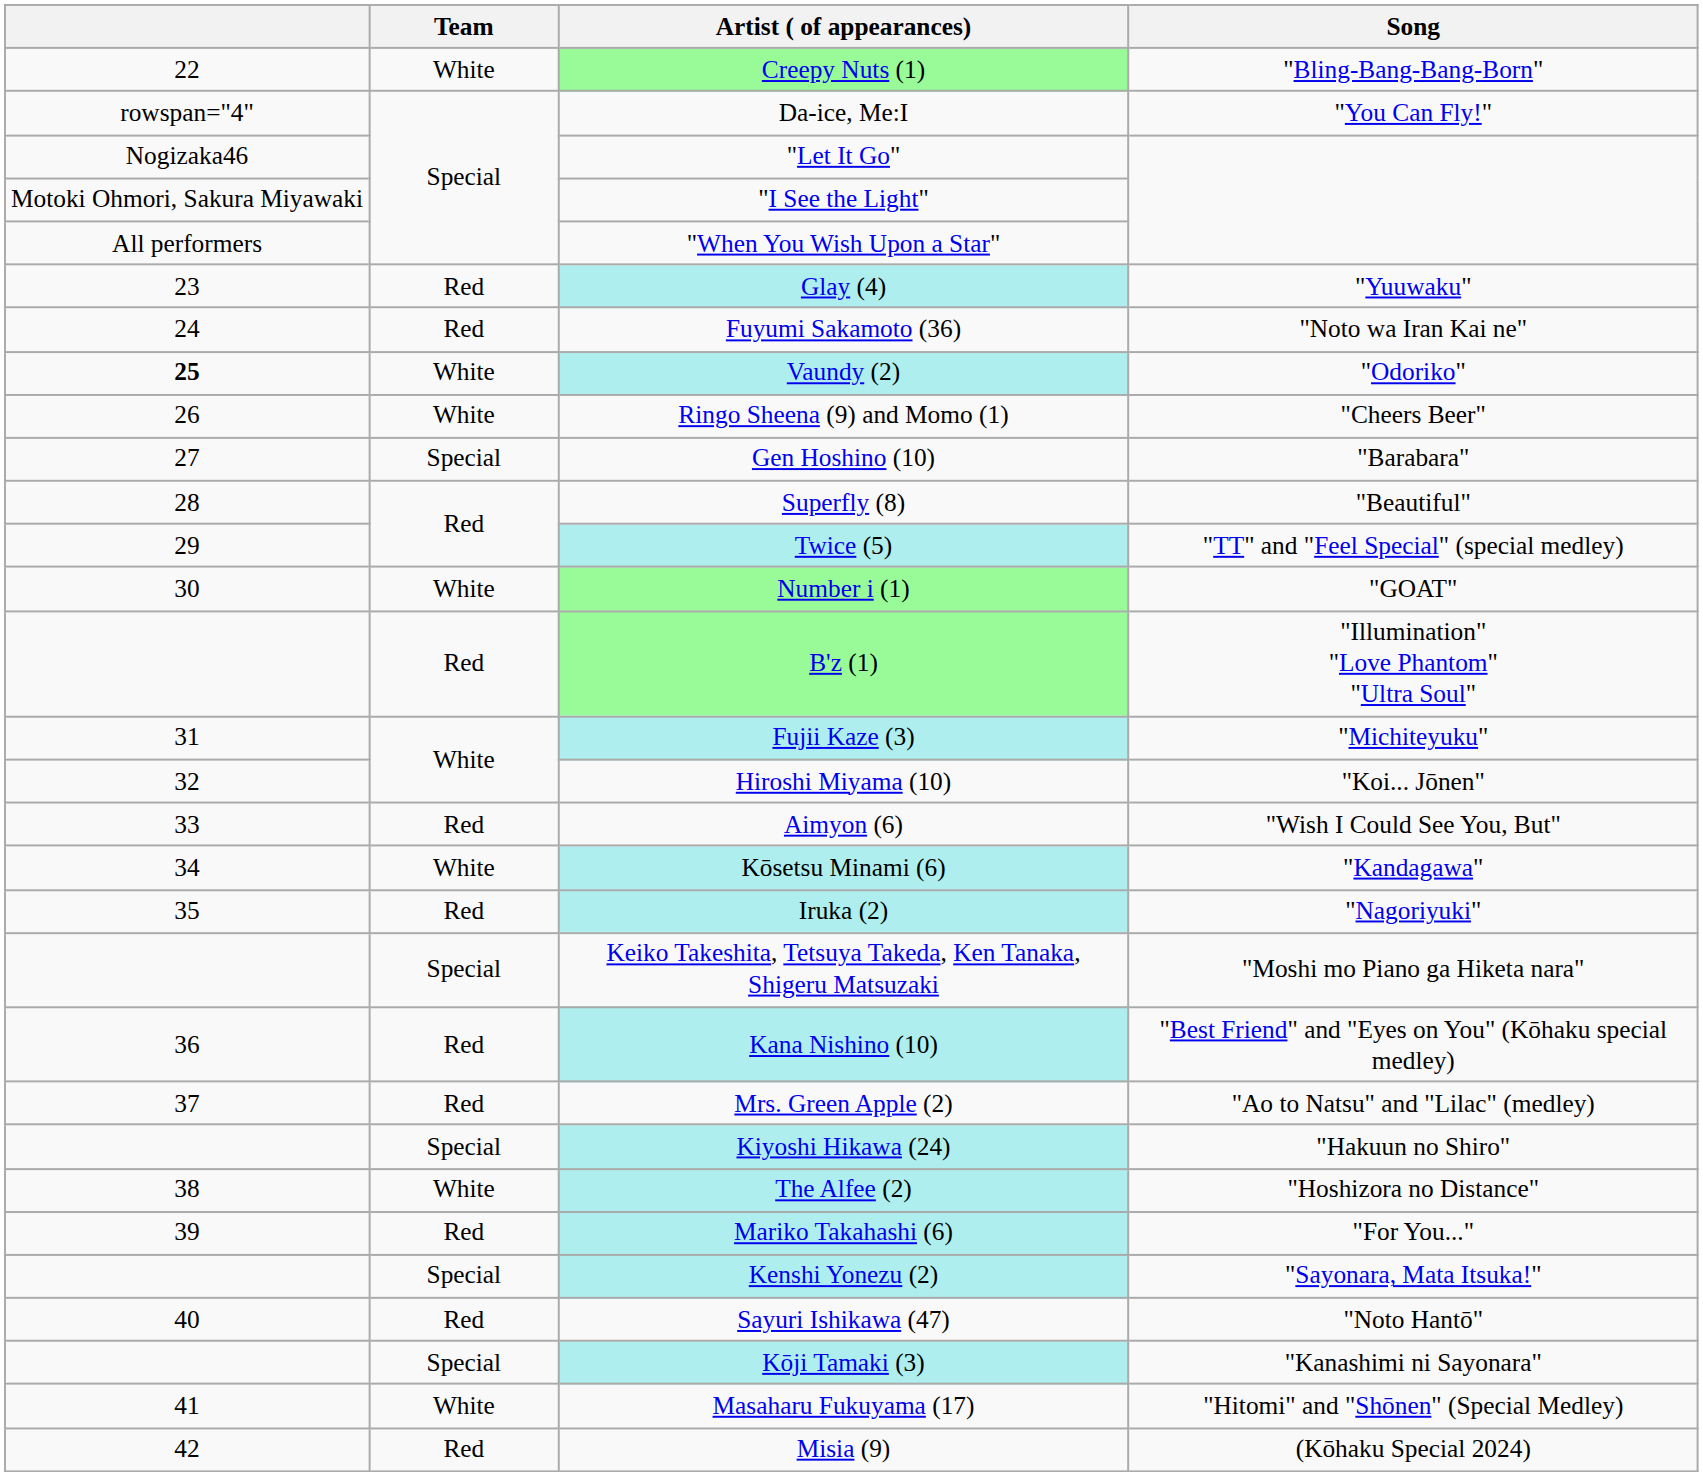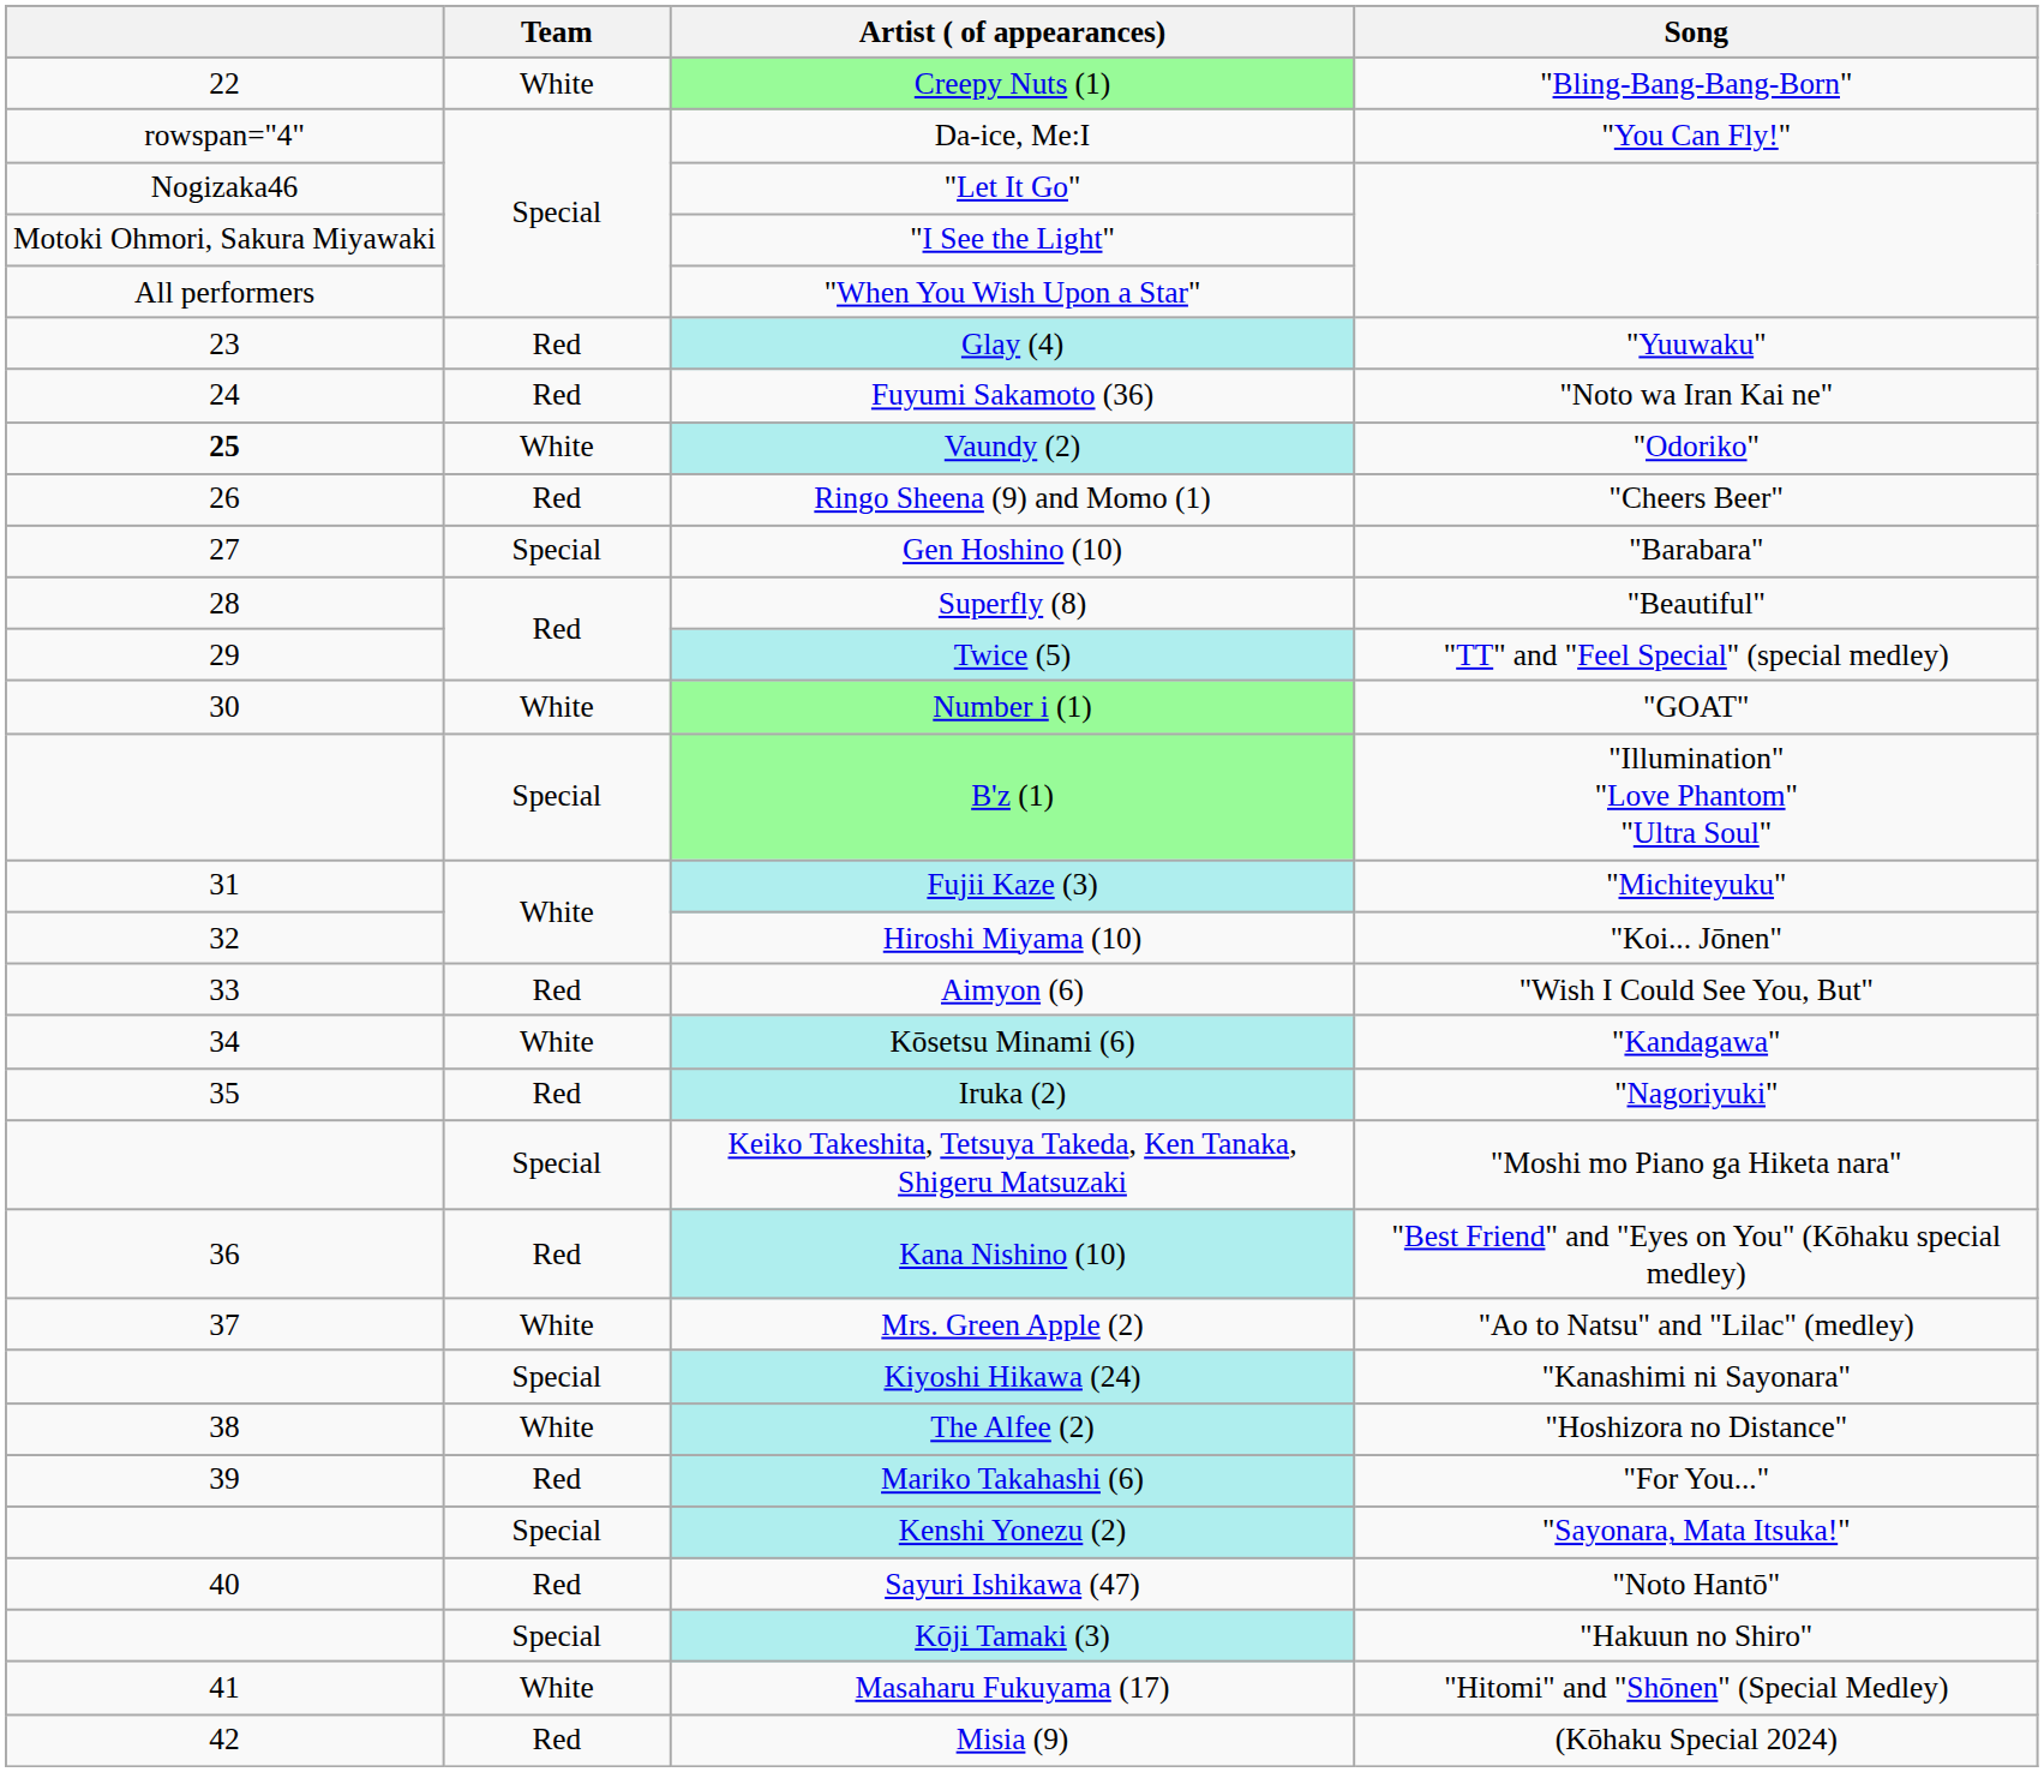 <table class="wikitable sortable" style="font-size:small; text-align:center; width:75">
 <tr>
 <th></th>
 <th style="width:7em">Team</th>
 <th style="width:22em">Artist ( of appearances)</th>
 <th style="width:22em">Song</th>
 </tr>
 <tr>
 <td>22</td>
 <td>White</td>
 <td style="background:palegreen"><a href='#'>Creepy Nuts</a> (1) </td>
 <td>"<a href='#'>Bling-Bang-Bang-Born</a>"</td>
 </tr>
 <tr>
 <td>rowspan="4" </td>
 <td rowspan="4">Special</td>
 <td>Da-ice, Me:I</td>
 <td>"<a href='#'>You Can Fly!</a>"</td>
 </tr>
 <tr>
 <td>Nogizaka46</td>
 <td>"<a href='#'>Let It Go</a>"</td>
 </tr>
 <tr>
 <td>Motoki Ohmori, Sakura Miyawaki</td>
 <td>"<a href='#'>I See the Light</a>"</td>
 </tr>
 <tr>
 <td>All performers</td>
 <td>"<a href='#'>When You Wish Upon a Star</a>"</td>
 </tr>
 <tr>
 <td>23</td>
 <td>Red</td>
 <td style="background:paleturquoise"><a href='#'>Glay</a> (4) </td>
 <td>"<a href='#'>Yuuwaku</a>"</td>
 </tr>
 <tr>
 <td>24</td>
 <td>Red</td>
 <td><a href='#'>Fuyumi Sakamoto</a> (36)</td>
 <td>"Noto wa Iran Kai ne"</td>
 </tr>
 <tr>
 <td><strong>25</strong></td>
 <td>White</td>
 <td style="background:paleturquoise"><a href='#'>Vaundy</a> (2) </td>
 <td>"<a href='#'>Odoriko</a>"</td>
 </tr>
 <tr>
 <td>26</td>
-<td>White</td>
+<td>Red</td>
 <td><a href='#'>Ringo Sheena</a> (9) and <span>Momo (1) </span></td>
 <td>"Cheers Beer"</td>
 </tr>
 <tr>
 <td>27</td>
 <td>Special</td>
 <td><a href='#'>Gen Hoshino</a> (10)</td>
 <td>"Barabara"</td>
 </tr>
 <tr>
 <td>28</td>
 <td rowspan="2">Red</td>
 <td><a href='#'>Superfly</a> (8)</td>
 <td>"Beautiful"</td>
 </tr>
 <tr>
 <td>29</td>
 <td style="background:paleturquoise"><a href='#'>Twice</a> (5) </td>
 <td>"<a href='#'>TT</a>" and "<a href='#'>Feel Special</a>" (special medley)</td>
 </tr>
 <tr>
 <td>30</td>
 <td>White</td>
 <td style="background:palegreen"><a href='#'>Number i</a> (1) </td>
 <td>"GOAT"</td>
 </tr>
 <tr>
 <td></td>
-<td>Red</td>
+<td>Special</td>
 <td style="background:palegreen"><a href='#'>B'z</a> (1) </td>
 <td>"Illumination"<br>"<a href='#'>Love Phantom</a>"<br>"<a href='#'>Ultra Soul</a>"</td>
 </tr>
 <tr>
 <td>31</td>
 <td rowspan="2">White</td>
 <td style="background:paleturquoise"><a href='#'>Fujii Kaze</a> (3) </td>
 <td>"<a href='#'>Michiteyuku</a>"</td>
 </tr>
 <tr>
 <td>32</td>
 <td><a href='#'>Hiroshi Miyama</a> (10)</td>
 <td>"Koi... Jōnen"</td>
 </tr>
 <tr>
 <td>33</td>
 <td>Red</td>
 <td><a href='#'>Aimyon</a> (6)</td>
 <td>"Wish I Could See You, But"</td>
 </tr>
 <tr>
 <td>34</td>
 <td>White</td>
 <td style="background:paleturquoise">Kōsetsu Minami (6) </td>
 <td>"<a href='#'>Kandagawa</a>"</td>
 </tr>
 <tr>
 <td>35</td>
 <td>Red</td>
 <td style="background:paleturquoise">Iruka (2) </td>
 <td>"<a href='#'>Nagoriyuki</a>"</td>
 </tr>
 <tr>
 <td></td>
 <td>Special</td>
 <td><a href='#'>Keiko Takeshita</a>, <a href='#'>Tetsuya Takeda</a>, <a href='#'>Ken Tanaka</a>, <a href='#'>Shigeru Matsuzaki</a></td>
 <td>"Moshi mo Piano ga Hiketa nara"</td>
 </tr>
 <tr>
 <td>36</td>
 <td>Red</td>
 <td style="background:paleturquoise"><a href='#'>Kana Nishino</a> (10) </td>
 <td>"<a href='#'>Best Friend</a>" and "Eyes on You" (Kōhaku special medley)</td>
 </tr>
 <tr>
 <td>37</td>
-<td>Red</td>
+<td>White</td>
 <td><a href='#'>Mrs. Green Apple</a> (2)</td>
 <td>"Ao to Natsu" and "Lilac" (medley)</td>
 </tr>
 <tr>
 <td></td>
 <td>Special</td>
 <td style="background:paleturquoise"><a href='#'>Kiyoshi Hikawa</a> (24) </td>
-<td>"Hakuun no Shiro"</td>
+<td>"Kanashimi ni Sayonara"</td>
 </tr>
 <tr>
 <td>38</td>
 <td>White</td>
 <td style="background:paleturquoise"><a href='#'>The Alfee</a> (2) </td>
 <td>"Hoshizora no Distance"</td>
 </tr>
 <tr>
 <td>39</td>
 <td>Red</td>
 <td style="background:paleturquoise"><a href='#'>Mariko Takahashi</a> (6) </td>
 <td>"For You..."</td>
 </tr>
 <tr>
 <td></td>
 <td>Special</td>
 <td style="background:paleturquoise"><a href='#'>Kenshi Yonezu</a> (2) </td>
 <td>"<a href='#'>Sayonara, Mata Itsuka!</a>"</td>
 </tr>
 <tr>
 <td>40</td>
 <td>Red</td>
 <td><a href='#'>Sayuri Ishikawa</a> (47)</td>
 <td>"Noto Hantō"</td>
 </tr>
 <tr>
 <td></td>
 <td>Special</td>
 <td style="background:paleturquoise"><a href='#'>Kōji Tamaki</a> (3) </td>
-<td>"Kanashimi ni Sayonara"</td>
+<td>"Hakuun no Shiro"</td>
 </tr>
 <tr>
 <td>41</td>
 <td>White</td>
 <td><a href='#'>Masaharu Fukuyama</a> (17)</td>
 <td>"Hitomi" and "<a href='#'>Shōnen</a>" (Special Medley)</td>
 </tr>
 <tr>
 <td>42</td>
 <td>Red</td>
 <td><a href='#'>Misia</a> (9)</td>
 <td> (Kōhaku Special 2024)</td>
 </tr>
 </table>
